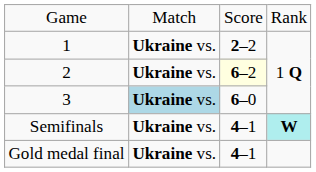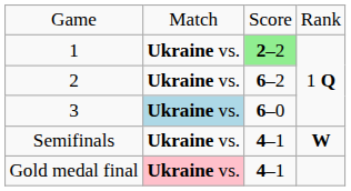 <table class="wikitable">
 <tr>
 <td style="text-align:center;">Game</td>
 <td style="text-align:center;">Match</td>
 <td style="text-align:center;">Score</td>
 <td style="text-align:center;">Rank</td>
 </tr>
 <tr>
 <td style="text-align:center;">1</td>
 <td><strong>Ukraine</strong> vs. </td>
-<td style="text-align:center;"><strong>2</strong>–2</td>
+<td style="background: lightgreen; text-align:center;"><strong>2</strong>–2</td>
 <td rowspan="3" style="text-align:center;">1 <strong>Q</strong></td>
 </tr>
 <tr>
 <td style="text-align:center;">2</td>
 <td><strong>Ukraine</strong> vs. </td>
-<td style="background: lightyellow; text-align:center;"><strong>6</strong>–2</td>
+<td style="text-align:center;"><strong>6</strong>–2</td>
 </tr>
 <tr>
 <td style="text-align:center;">3</td>
 <td style="background: lightblue;"><strong>Ukraine</strong> vs. </td>
 <td style="text-align:center;"><strong>6</strong>–0</td>
 </tr>
 <tr>
 <td style="text-align:center;">Semifinals</td>
 <td><strong>Ukraine</strong> vs. </td>
 <td style="text-align:center;"><strong>4</strong>–1</td>
-<td style="background: paleturquoise; text-align:center;"><strong>W</strong></td>
+<td style="text-align:center;"><strong>W</strong></td>
 </tr>
 <tr>
 <td style="text-align:center;">Gold medal final</td>
-<td><strong>Ukraine</strong> vs. </td>
+<td style="background: pink;"><strong>Ukraine</strong> vs. </td>
 <td style="text-align:center;"><strong>4</strong>–1</td>
 <td style="text-align:center;"></td>
 </tr>
 </table>
